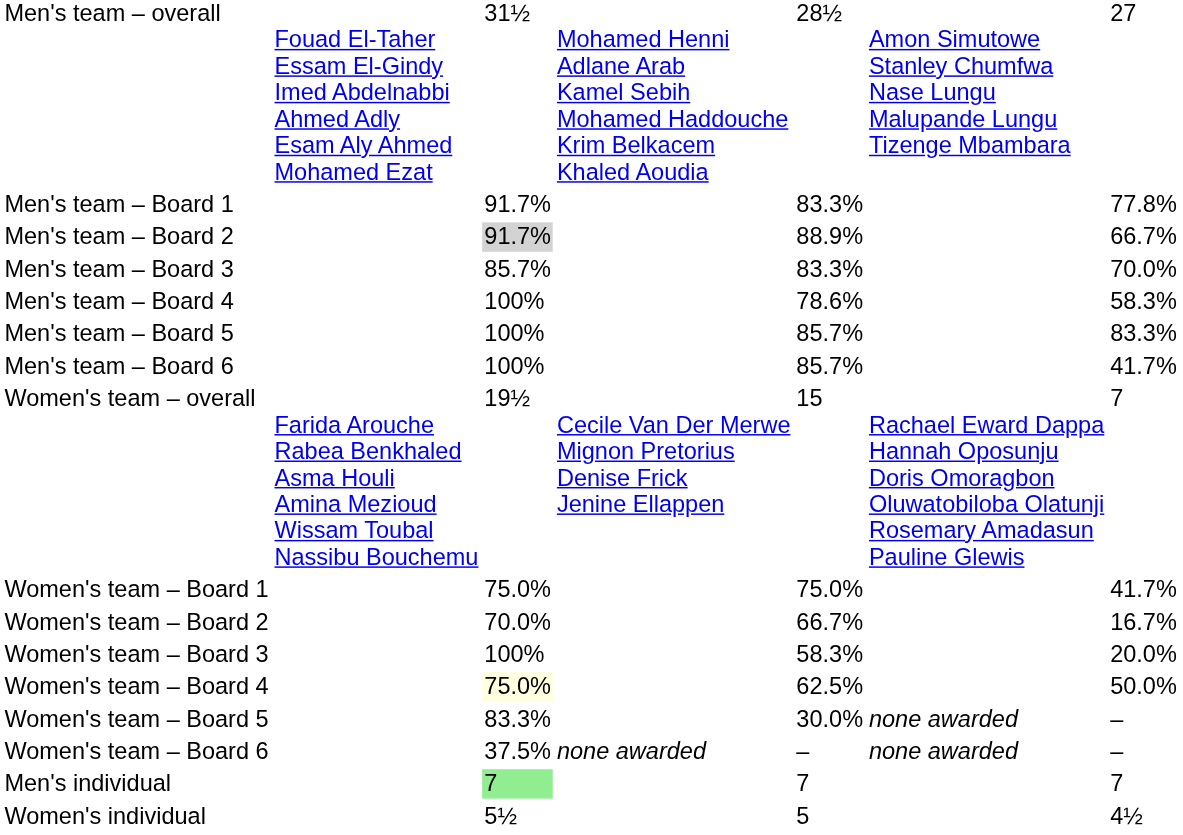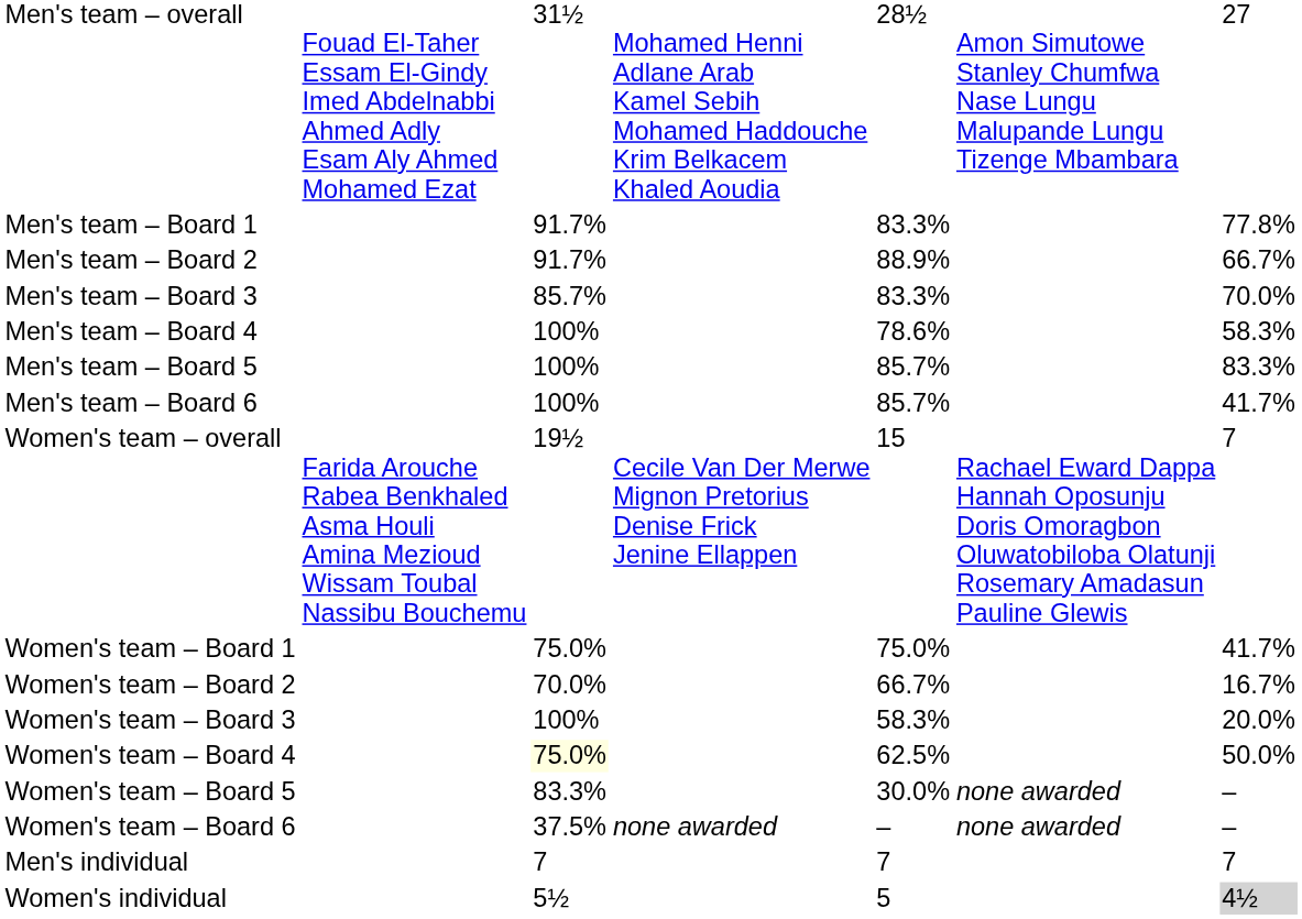 <table>
 <tr valign="top">
 <td>Men's team – overall</td>
 <td><br><a href='#'>Fouad El-Taher</a><br><a href='#'>Essam El-Gindy</a><br><a href='#'>Imed Abdelnabbi</a><br><a href='#'>Ahmed Adly</a><br><a href='#'>Esam Aly Ahmed</a><br><a href='#'>Mohamed Ezat</a></td>
 <td>31½</td>
 <td><br><a href='#'>Mohamed Henni</a><br><a href='#'>Adlane Arab</a><br><a href='#'>Kamel Sebih</a><br><a href='#'>Mohamed Haddouche</a><br><a href='#'>Krim Belkacem</a><br><a href='#'>Khaled Aoudia</a></td>
 <td>28½</td>
 <td><br><a href='#'>Amon Simutowe</a><br><a href='#'>Stanley Chumfwa</a><br><a href='#'>Nase Lungu</a><br><a href='#'>Malupande Lungu</a><br><a href='#'>Tizenge Mbambara</a></td>
 <td>27</td>
 </tr>
 <tr valign="top">
 <td>Men's team – Board 1</td>
 <td></td>
 <td>91.7%</td>
 <td></td>
 <td>83.3%</td>
 <td></td>
 <td>77.8%</td>
 </tr>
 <tr valign="top">
 <td>Men's team – Board 2</td>
 <td></td>
-<td style="background: lightgrey;">91.7%</td>
+<td>91.7%</td>
 <td></td>
 <td>88.9%</td>
 <td></td>
 <td>66.7%</td>
 </tr>
 <tr valign="top">
 <td>Men's team – Board 3</td>
 <td></td>
 <td>85.7%</td>
 <td></td>
 <td>83.3%</td>
 <td></td>
 <td>70.0%</td>
 </tr>
 <tr valign="top">
 <td>Men's team – Board 4</td>
 <td></td>
 <td>100%</td>
 <td></td>
 <td>78.6%</td>
 <td></td>
 <td>58.3%</td>
 </tr>
 <tr valign="top">
 <td>Men's team – Board 5</td>
 <td></td>
 <td>100%</td>
 <td></td>
 <td>85.7%</td>
 <td></td>
 <td>83.3%</td>
 </tr>
 <tr valign="top">
 <td>Men's team – Board 6</td>
 <td></td>
 <td>100%</td>
 <td></td>
 <td>85.7%</td>
 <td></td>
 <td>41.7%</td>
 </tr>
 <tr valign="top">
 <td>Women's team – overall</td>
 <td><br><a href='#'>Farida Arouche</a><br><a href='#'>Rabea Benkhaled</a><br><a href='#'>Asma Houli</a><br><a href='#'>Amina Mezioud</a><br><a href='#'>Wissam Toubal</a><br><a href='#'>Nassibu Bouchemu</a></td>
 <td>19½</td>
 <td><br><a href='#'>Cecile Van Der Merwe</a><br><a href='#'>Mignon Pretorius</a><br><a href='#'>Denise Frick</a><br><a href='#'>Jenine Ellappen</a></td>
 <td>15</td>
 <td><br><a href='#'>Rachael Eward Dappa</a><br><a href='#'>Hannah Oposunju</a><br><a href='#'>Doris Omoragbon</a><br><a href='#'>Oluwatobiloba Olatunji</a><br><a href='#'>Rosemary Amadasun</a><br><a href='#'>Pauline Glewis</a></td>
 <td>7</td>
 </tr>
 <tr valign="top">
 <td>Women's team – Board 1</td>
 <td></td>
 <td>75.0%</td>
 <td></td>
 <td>75.0%</td>
 <td></td>
 <td>41.7%</td>
 </tr>
 <tr valign="top">
 <td>Women's team – Board 2</td>
 <td></td>
 <td>70.0%</td>
 <td></td>
 <td>66.7%</td>
 <td></td>
 <td>16.7%</td>
 </tr>
 <tr valign="top">
 <td>Women's team – Board 3</td>
 <td></td>
 <td>100%</td>
 <td></td>
 <td>58.3%</td>
 <td></td>
 <td>20.0%</td>
 </tr>
 <tr valign="top">
 <td>Women's team – Board 4</td>
 <td></td>
 <td style="background: lightyellow;">75.0%</td>
 <td></td>
 <td>62.5%</td>
 <td></td>
 <td>50.0%</td>
 </tr>
 <tr valign="top">
 <td>Women's team – Board 5</td>
 <td></td>
 <td>83.3%</td>
 <td></td>
 <td>30.0%</td>
 <td><em>none awarded</em></td>
 <td>–</td>
 </tr>
 <tr valign="top">
 <td>Women's team – Board 6</td>
 <td></td>
 <td>37.5%</td>
 <td><em>none awarded</em></td>
 <td>–</td>
 <td><em>none awarded</em></td>
 <td>–</td>
 </tr>
 <tr valign="top">
 <td>Men's individual</td>
 <td></td>
-<td style="background: lightgreen;">7</td>
+<td>7</td>
 <td></td>
 <td>7</td>
 <td></td>
 <td>7</td>
 </tr>
 <tr valign="top">
 <td>Women's individual</td>
 <td></td>
 <td>5½</td>
 <td></td>
 <td>5</td>
 <td></td>
-<td>4½</td>
+<td style="background: lightgrey;">4½</td>
 </tr>
 </table>
